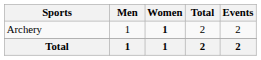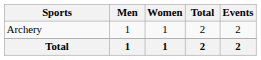 <table class="wikitable sortable" style="text-align:center;">
 <tr>
 <th width=150>Sports</th>
 <th width=45>Men</th>
 <th width=45>Women</th>
 <th width=45>Total</th>
 <th width=45>Events</th>
 </tr>
 <tr>
 <td align=left>Archery</td>
 <td>1</td>
-<td><strong>1</strong></td>
+<td>1</td>
 <td>2</td>
 <td>2</td>
 </tr>
 <tr>
 </tr>
 <tr class="sortbottom">
 <th>Total</th>
 <th>1</th>
 <th>1</th>
 <th>2</th>
 <th>2</th>
 </tr>
 </table>
